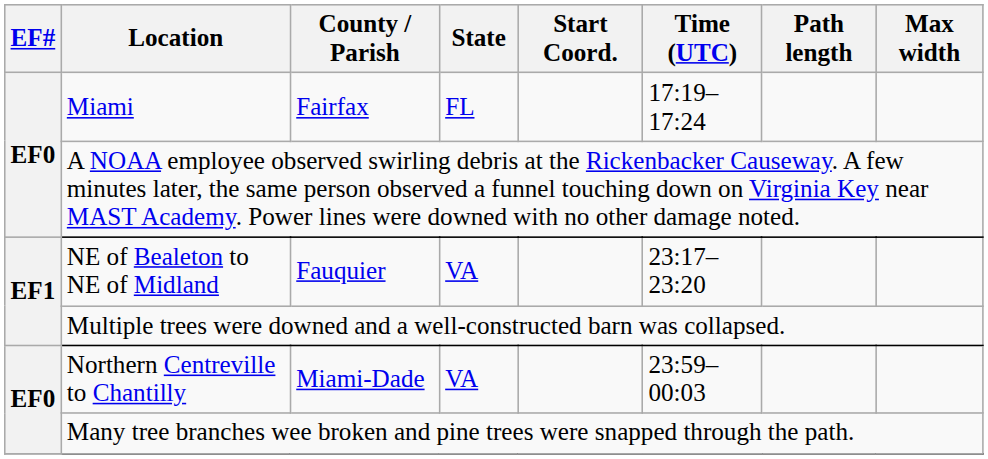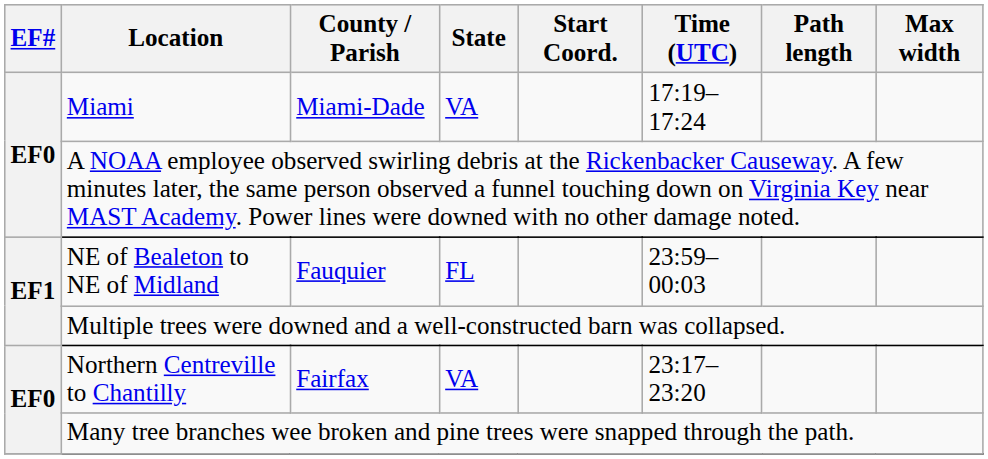 <table class="wikitable sortable" style="width:100%;">
 <tr>
 <th scope="col" width="2%" align="center"><a href='#'>EF#</a></th>
 <th scope="col" align="center" class="unsortable">Location</th>
 <th scope="col" align="center" class="unsortable">County / Parish</th>
 <th scope="col" align="center">State</th>
 <th scope="col" align="center">Start Coord.</th>
 <th scope="col" align="center">Time (<a href='#'>UTC</a>)</th>
 <th scope="col" align="center">Path length</th>
 <th scope="col" align="center">Max width</th>
 </tr>
 <tr>
 <th scope="row" rowspan="2" style="background-color:#">EF0</th>
 <td><a href='#'>Miami</a></td>
-<td><a href='#'>Fairfax</a></td>
-<td><a href='#'>FL</a></td>
+<td><a href='#'>Miami-Dade</a></td>
+<td><a href='#'>VA</a></td>
 <td></td>
 <td>17:19–17:24</td>
 <td></td>
 <td></td>
 </tr>
 <tr class="expand-child">
 <td colspan="8" style=" border-bottom: 1px solid black;">A <a href='#'>NOAA</a> employee observed swirling debris at the <a href='#'>Rickenbacker Causeway</a>. A few minutes later, the same person observed a funnel touching down on <a href='#'>Virginia Key</a> near <a href='#'>MAST Academy</a>. Power lines were downed with no other damage noted.</td>
 </tr>
 <tr>
 <th scope="row" rowspan="2" style="background-color:#">EF1</th>
 <td>NE of <a href='#'>Bealeton</a> to NE of <a href='#'>Midland</a></td>
 <td><a href='#'>Fauquier</a></td>
-<td><a href='#'>VA</a></td>
+<td><a href='#'>FL</a></td>
 <td></td>
-<td>23:17–23:20</td>
+<td>23:59–00:03</td>
 <td></td>
 <td></td>
 </tr>
 <tr class="expand-child">
 <td colspan="8" style=" border-bottom: 1px solid black;">Multiple trees were downed and a well-constructed barn was collapsed.</td>
 </tr>
 <tr>
 <th scope="row" rowspan="2" style="background-color:#">EF0</th>
 <td>Northern <a href='#'>Centreville</a> to <a href='#'>Chantilly</a></td>
-<td><a href='#'>Miami-Dade</a></td>
+<td><a href='#'>Fairfax</a></td>
 <td><a href='#'>VA</a></td>
 <td></td>
-<td>23:59–00:03</td>
+<td>23:17–23:20</td>
 <td></td>
 <td></td>
 </tr>
 <tr class="expand-child">
 <td colspan="8" style=" border-bottom: 1px solid black;">Many tree branches wee broken and pine trees were snapped through the path.</td>
 </tr>
 <tr>
 </tr>
 </table>
